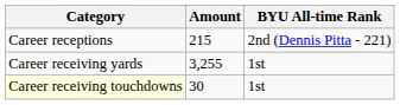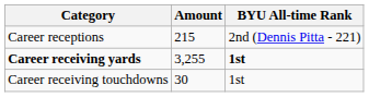 <table class="wikitable">
 <tr>
 <th>Category</th>
 <th>Amount</th>
 <th>BYU All-time Rank</th>
 </tr>
 <tr>
 <td>Career receptions</td>
 <td>215</td>
 <td>2nd (<a href='#'>Dennis Pitta</a> - 221)</td>
 </tr>
 <tr>
-<td>Career receiving yards</td>
+<td><strong>Career receiving yards</strong></td>
 <td>3,255</td>
-<td>1st</td>
+<td><strong>1st</strong></td>
 </tr>
 <tr>
-<td style="background: lightyellow;">Career receiving touchdowns</td>
+<td>Career receiving touchdowns</td>
 <td>30</td>
 <td>1st</td>
 </tr>
 </table>
